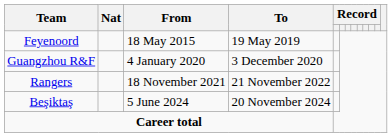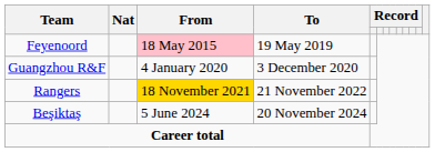 <table class="wikitable" style="text-align:center">
 <tr>
 <th rowspan="2">Team</th>
 <th rowspan="2">Nat</th>
 <th rowspan="2">From</th>
 <th rowspan="2">To</th>
 <th colspan="8">Record</th>
 <th rowspan=2></th>
 </tr>
 <tr>
 <th></th>
 <th></th>
 <th></th>
 <th></th>
 <th></th>
 <th></th>
 <th></th>
 <th></th>
 </tr>
 <tr>
 <td><a href='#'>Feyenoord</a></td>
 <td></td>
-<td align=left>18 May 2015</td>
+<td align=left style="background: pink;">18 May 2015</td>
 <td align=left>19 May 2019<br></td>
 <td></td>
 </tr>
 <tr>
 <td><a href='#'>Guangzhou R&F</a></td>
 <td></td>
 <td align=left>4 January 2020</td>
 <td align=left>3 December 2020<br></td>
 <td></td>
 </tr>
 <tr>
 <td><a href='#'>Rangers</a></td>
 <td></td>
-<td align=left>18 November 2021</td>
+<td align=left style="background: gold;">18 November 2021</td>
 <td align=left>21 November 2022<br></td>
 <td></td>
 </tr>
 <tr>
 <td><a href='#'>Beşiktaş</a></td>
 <td></td>
 <td align=left>5 June 2024</td>
 <td align=left>20 November 2024<br></td>
 <td></td>
 </tr>
 <tr>
 <td colspan=4><strong>Career total</strong><br></td>
 </tr>
 </table>
